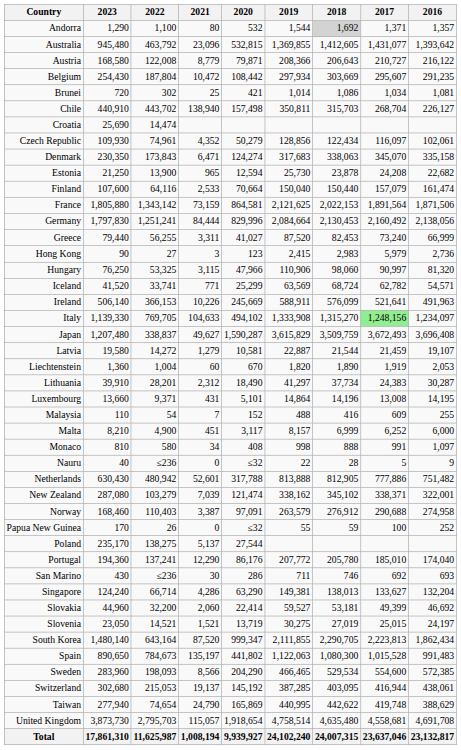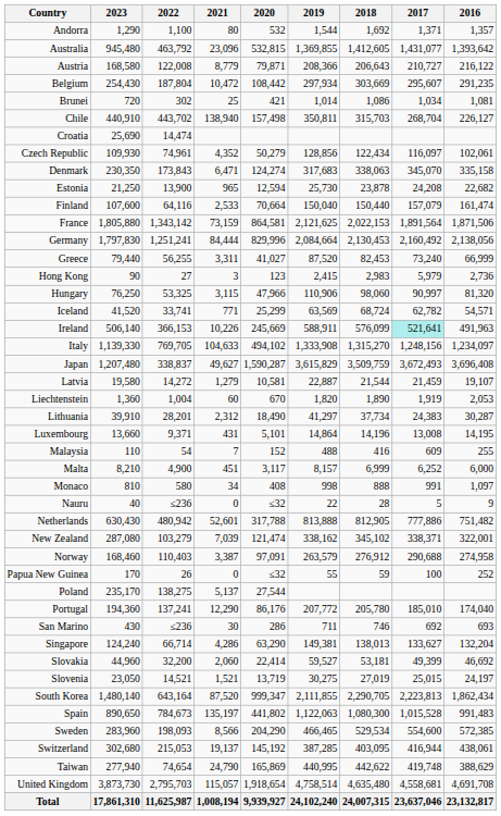 <table class="wikitable sortable collapsible collapsed" style="font-size:90%; line-height:1.2; text-align:right">
 <tr>
 <th>Country</th>
 <th>2023</th>
 <th>2022</th>
 <th>2021</th>
 <th>2020</th>
 <th>2019</th>
 <th>2018</th>
 <th>2017</th>
 <th>2016</th>
 </tr>
 <tr>
 <td>Andorra</td>
 <td>1,290</td>
 <td>1,100</td>
 <td>80</td>
 <td>532</td>
 <td>1,544</td>
-<td style="background: lightgrey;">1,692</td>
+<td>1,692</td>
 <td>1,371</td>
 <td>1,357</td>
 </tr>
 <tr>
 <td>Australia</td>
 <td>945,480</td>
 <td>463,792</td>
 <td>23,096</td>
 <td>532,815</td>
 <td>1,369,855</td>
 <td>1,412,605</td>
 <td>1,431,077</td>
 <td>1,393,642</td>
 </tr>
 <tr>
 <td>Austria</td>
 <td>168,580</td>
 <td>122,008</td>
 <td>8,779</td>
 <td>79,871</td>
 <td>208,366</td>
 <td>206,643</td>
 <td>210,727</td>
 <td>216,122</td>
 </tr>
 <tr>
 <td>Belgium</td>
 <td>254,430</td>
 <td>187,804</td>
 <td>10,472</td>
 <td>108,442</td>
 <td>297,934</td>
 <td>303,669</td>
 <td>295,607</td>
 <td>291,235</td>
 </tr>
 <tr>
 <td>Brunei</td>
 <td>720</td>
 <td>302</td>
 <td>25</td>
 <td>421</td>
 <td>1,014</td>
 <td>1,086</td>
 <td>1,034</td>
 <td>1,081</td>
 </tr>
 <tr>
 <td>Chile</td>
 <td>440,910</td>
 <td>443,702</td>
 <td>138,940</td>
 <td>157,498</td>
 <td>350,811</td>
 <td>315,703</td>
 <td>268,704</td>
 <td>226,127</td>
 </tr>
 <tr>
 <td>Croatia</td>
 <td>25,690</td>
 <td>14,474</td>
 <td></td>
 <td></td>
 <td></td>
 <td></td>
 <td></td>
 <td></td>
 </tr>
 <tr>
 <td>Czech Republic</td>
 <td>109,930</td>
 <td>74,961</td>
 <td>4,352</td>
 <td>50,279</td>
 <td>128,856</td>
 <td>122,434</td>
 <td>116,097</td>
 <td>102,061</td>
 </tr>
 <tr>
 <td>Denmark</td>
 <td>230,350</td>
 <td>173,843</td>
 <td>6,471</td>
 <td>124,274</td>
 <td>317,683</td>
 <td>338,063</td>
 <td>345,070</td>
 <td>335,158</td>
 </tr>
 <tr>
 <td>Estonia</td>
 <td>21,250</td>
 <td>13,900</td>
 <td>965</td>
 <td>12,594</td>
 <td>25,730</td>
 <td>23,878</td>
 <td>24,208</td>
 <td>22,682</td>
 </tr>
 <tr>
 <td>Finland</td>
 <td>107,600</td>
 <td>64,116</td>
 <td>2,533</td>
 <td>70,664</td>
 <td>150,040</td>
 <td>150,440</td>
 <td>157,079</td>
 <td>161,474</td>
 </tr>
 <tr>
 <td>France</td>
 <td>1,805,880</td>
 <td>1,343,142</td>
 <td>73,159</td>
 <td>864,581</td>
 <td>2,121,625</td>
 <td>2,022,153</td>
 <td>1,891,564</td>
 <td>1,871,506</td>
 </tr>
 <tr>
 <td>Germany</td>
 <td>1,797,830</td>
 <td>1,251,241</td>
 <td>84,444</td>
 <td>829,996</td>
 <td>2,084,664</td>
 <td>2,130,453</td>
 <td>2,160,492</td>
 <td>2,138,056</td>
 </tr>
 <tr>
 <td>Greece</td>
 <td>79,440</td>
 <td>56,255</td>
 <td>3,311</td>
 <td>41,027</td>
 <td>87,520</td>
 <td>82,453</td>
 <td>73,240</td>
 <td>66,999</td>
 </tr>
 <tr>
 <td>Hong Kong</td>
 <td>90</td>
 <td>27</td>
 <td>3</td>
 <td>123</td>
 <td>2,415</td>
 <td>2,983</td>
 <td>5,979</td>
 <td>2,736</td>
 </tr>
 <tr>
 <td>Hungary</td>
 <td>76,250</td>
 <td>53,325</td>
 <td>3,115</td>
 <td>47,966</td>
 <td>110,906</td>
 <td>98,060</td>
 <td>90,997</td>
 <td>81,320</td>
 </tr>
 <tr>
 <td>Iceland</td>
 <td>41,520</td>
 <td>33,741</td>
 <td>771</td>
 <td>25,299</td>
 <td>63,569</td>
 <td>68,724</td>
 <td>62,782</td>
 <td>54,571</td>
 </tr>
 <tr>
 <td>Ireland</td>
 <td>506,140</td>
 <td>366,153</td>
 <td>10,226</td>
 <td>245,669</td>
 <td>588,911</td>
 <td>576,099</td>
-<td>521,641</td>
+<td style="background: paleturquoise;">521,641</td>
 <td>491,963</td>
 </tr>
 <tr>
 <td>Italy</td>
 <td>1,139,330</td>
 <td>769,705</td>
 <td>104,633</td>
 <td>494,102</td>
 <td>1,333,908</td>
 <td>1,315,270</td>
-<td style="background: lightgreen;">1,248,156</td>
+<td>1,248,156</td>
 <td>1,234,097</td>
 </tr>
 <tr>
 <td>Japan</td>
 <td>1,207,480</td>
 <td>338,837</td>
 <td>49,627</td>
 <td>1,590,287</td>
 <td>3,615,829</td>
 <td>3,509,759</td>
 <td>3,672,493</td>
 <td>3,696,408</td>
 </tr>
 <tr>
 <td>Latvia</td>
 <td>19,580</td>
 <td>14,272</td>
 <td>1,279</td>
 <td>10,581</td>
 <td>22,887</td>
 <td>21,544</td>
 <td>21,459</td>
 <td>19,107</td>
 </tr>
 <tr>
 <td>Liechtenstein</td>
 <td>1,360</td>
 <td>1,004</td>
 <td>60</td>
 <td>670</td>
 <td>1,820</td>
 <td>1,890</td>
 <td>1,919</td>
 <td>2,053</td>
 </tr>
 <tr>
 <td>Lithuania</td>
 <td>39,910</td>
 <td>28,201</td>
 <td>2,312</td>
 <td>18,490</td>
 <td>41,297</td>
 <td>37,734</td>
 <td>24,383</td>
 <td>30,287</td>
 </tr>
 <tr>
 <td>Luxembourg</td>
 <td>13,660</td>
 <td>9,371</td>
 <td>431</td>
 <td>5,101</td>
 <td>14,864</td>
 <td>14,196</td>
 <td>13,008</td>
 <td>14,195</td>
 </tr>
 <tr>
 <td>Malaysia</td>
 <td>110</td>
 <td>54</td>
 <td>7</td>
 <td>152</td>
 <td>488</td>
 <td>416</td>
 <td>609</td>
 <td>255</td>
 </tr>
 <tr>
 <td>Malta</td>
 <td>8,210</td>
 <td>4,900</td>
 <td>451</td>
 <td>3,117</td>
 <td>8,157</td>
 <td>6,999</td>
 <td>6,252</td>
 <td>6,000</td>
 </tr>
 <tr>
 <td>Monaco</td>
 <td>810</td>
 <td>580</td>
 <td>34</td>
 <td>408</td>
 <td>998</td>
 <td>888</td>
 <td>991</td>
 <td>1,097</td>
 </tr>
 <tr>
 <td>Nauru</td>
 <td>40</td>
 <td>≤236</td>
 <td>0</td>
 <td>≤32</td>
 <td>22</td>
 <td>28</td>
 <td>5</td>
 <td>9</td>
 </tr>
 <tr>
 <td>Netherlands</td>
 <td>630,430</td>
 <td>480,942</td>
 <td>52,601</td>
 <td>317,788</td>
 <td>813,888</td>
 <td>812,905</td>
 <td>777,886</td>
 <td>751,482</td>
 </tr>
 <tr>
 <td>New Zealand</td>
 <td>287,080</td>
 <td>103,279</td>
 <td>7,039</td>
 <td>121,474</td>
 <td>338,162</td>
 <td>345,102</td>
 <td>338,371</td>
 <td>322,001</td>
 </tr>
 <tr>
 <td>Norway</td>
 <td>168,460</td>
 <td>110,403</td>
 <td>3,387</td>
 <td>97,091</td>
 <td>263,579</td>
 <td>276,912</td>
 <td>290,688</td>
 <td>274,958</td>
 </tr>
 <tr>
 <td>Papua New Guinea</td>
 <td>170</td>
 <td>26</td>
 <td>0</td>
 <td>≤32</td>
 <td>55</td>
 <td>59</td>
 <td>100</td>
 <td>252</td>
 </tr>
 <tr>
 <td>Poland</td>
 <td>235,170</td>
 <td>138,275</td>
 <td>5,137</td>
 <td>27,544</td>
 <td></td>
 <td></td>
 <td></td>
 <td></td>
 </tr>
 <tr>
 <td>Portugal</td>
 <td>194,360</td>
 <td>137,241</td>
 <td>12,290</td>
 <td>86,176</td>
 <td>207,772</td>
 <td>205,780</td>
 <td>185,010</td>
 <td>174,040</td>
 </tr>
 <tr>
 <td>San Marino</td>
 <td>430</td>
 <td>≤236</td>
 <td>30</td>
 <td>286</td>
 <td>711</td>
 <td>746</td>
 <td>692</td>
 <td>693</td>
 </tr>
 <tr>
 <td>Singapore</td>
 <td>124,240</td>
 <td>66,714</td>
 <td>4,286</td>
 <td>63,290</td>
 <td>149,381</td>
 <td>138,013</td>
 <td>133,627</td>
 <td>132,204</td>
 </tr>
 <tr>
 <td>Slovakia</td>
 <td>44,960</td>
 <td>32,200</td>
 <td>2,060</td>
 <td>22,414</td>
 <td>59,527</td>
 <td>53,181</td>
 <td>49,399</td>
 <td>46,692</td>
 </tr>
 <tr>
 <td>Slovenia</td>
 <td>23,050</td>
 <td>14,521</td>
 <td>1,521</td>
 <td>13,719</td>
 <td>30,275</td>
 <td>27,019</td>
 <td>25,015</td>
 <td>24,197</td>
 </tr>
 <tr>
 <td>South Korea</td>
 <td>1,480,140</td>
 <td>643,164</td>
 <td>87,520</td>
 <td>999,347</td>
 <td>2,111,855</td>
 <td>2,290,705</td>
 <td>2,223,813</td>
 <td>1,862,434</td>
 </tr>
 <tr>
 <td>Spain</td>
 <td>890,650</td>
 <td>784,673</td>
 <td>135,197</td>
 <td>441,802</td>
 <td>1,122,063</td>
 <td>1,080,300</td>
 <td>1,015,528</td>
 <td>991,483</td>
 </tr>
 <tr>
 <td>Sweden</td>
 <td>283,960</td>
 <td>198,093</td>
 <td>8,566</td>
 <td>204,290</td>
 <td>466,465</td>
 <td>529,534</td>
 <td>554,600</td>
 <td>572,385</td>
 </tr>
 <tr>
 <td>Switzerland</td>
 <td>302,680</td>
 <td>215,053</td>
 <td>19,137</td>
 <td>145,192</td>
 <td>387,285</td>
 <td>403,095</td>
 <td>416,944</td>
 <td>438,061</td>
 </tr>
 <tr>
 <td>Taiwan</td>
 <td>277,940</td>
 <td>74,654</td>
 <td>24,790</td>
 <td>165,869</td>
 <td>440,995</td>
 <td>442,622</td>
 <td>419,748</td>
 <td>388,629</td>
 </tr>
 <tr>
 <td>United Kingdom</td>
 <td>3,873,730</td>
 <td>2,795,703</td>
 <td>115,057</td>
 <td>1,918,654</td>
 <td>4,758,514</td>
 <td>4,635,480</td>
 <td>4,558,681</td>
 <td>4,691,708</td>
 </tr>
 <tr class=sortbottom>
 <th>Total</th>
 <th>17,861,310</th>
 <th>11,625,987</th>
 <th>1,008,194</th>
 <th>9,939,927</th>
 <th>24,102,240</th>
 <th>24,007,315</th>
 <th>23,637,046</th>
 <th>23,132,817</th>
 </tr>
 </table>
